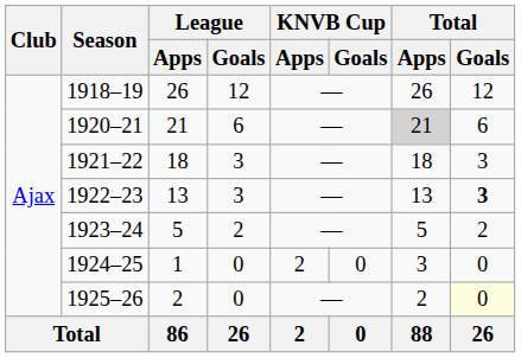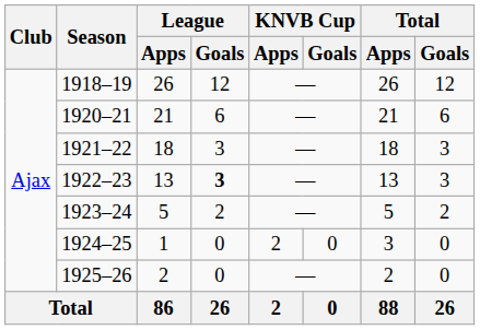 <table class="wikitable" style="text-align:center">
 <tr>
 <th rowspan="2">Club</th>
 <th rowspan="2">Season</th>
 <th colspan="2">League</th>
 <th colspan="2">KNVB Cup</th>
 <th colspan="2">Total</th>
 </tr>
 <tr>
 <th>Apps</th>
 <th>Goals</th>
 <th>Apps</th>
 <th>Goals</th>
 <th>Apps</th>
 <th>Goals</th>
 </tr>
 <tr>
 <td rowspan="7"><a href='#'>Ajax</a></td>
 <td>1918–19</td>
 <td>26</td>
 <td>12</td>
 <td colspan="2">—</td>
 <td>26</td>
 <td>12</td>
 </tr>
 <tr>
 <td>1920–21</td>
 <td>21</td>
 <td>6</td>
 <td colspan="2">—</td>
-<td style="background: lightgrey;">21</td>
+<td>21</td>
 <td>6</td>
 </tr>
 <tr>
 <td>1921–22</td>
 <td>18</td>
 <td>3</td>
 <td colspan="2">—</td>
 <td>18</td>
 <td>3</td>
 </tr>
 <tr>
 <td>1922–23</td>
 <td>13</td>
-<td>3</td>
+<td><strong>3</strong></td>
 <td colspan="2">—</td>
 <td>13</td>
-<td><strong>3</strong></td>
+<td>3</td>
 </tr>
 <tr>
 <td>1923–24</td>
 <td>5</td>
 <td>2</td>
 <td colspan="2">—</td>
 <td>5</td>
 <td>2</td>
 </tr>
 <tr>
 <td>1924–25</td>
 <td>1</td>
 <td>0</td>
 <td>2</td>
 <td>0</td>
 <td>3</td>
 <td>0</td>
 </tr>
 <tr>
 <td>1925–26</td>
 <td>2</td>
 <td>0</td>
 <td colspan="2">—</td>
 <td>2</td>
-<td style="background: lightyellow;">0</td>
+<td>0</td>
 </tr>
 <tr>
 <th colspan="2">Total</th>
 <th>86</th>
 <th>26</th>
 <th>2</th>
 <th>0</th>
 <th>88</th>
 <th>26</th>
 </tr>
 </table>
